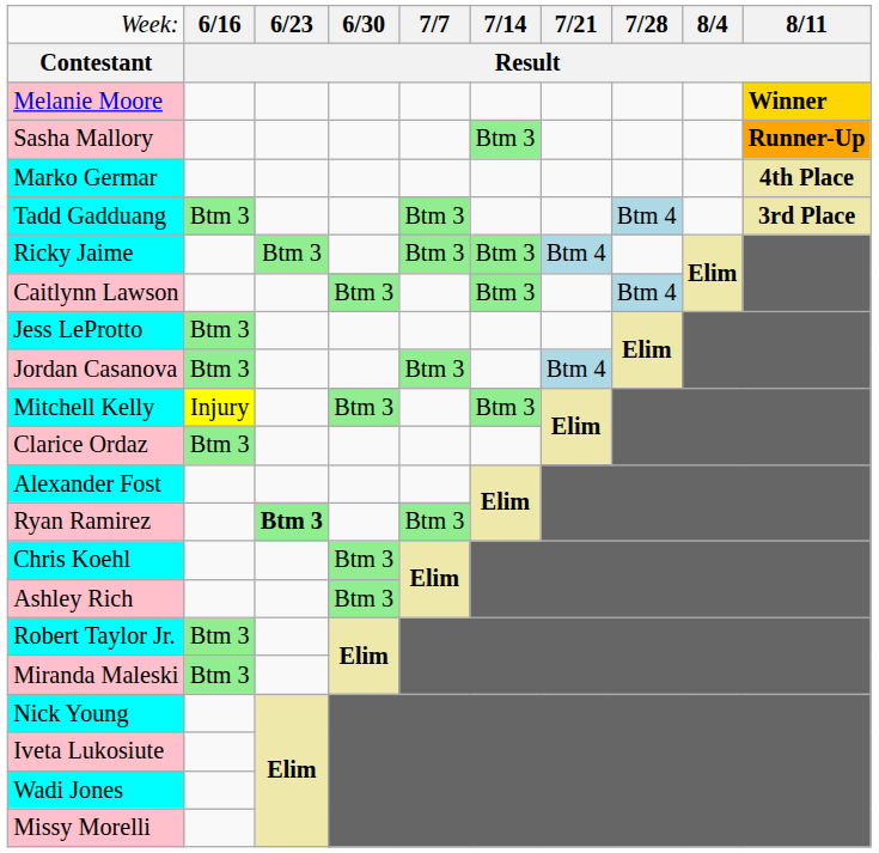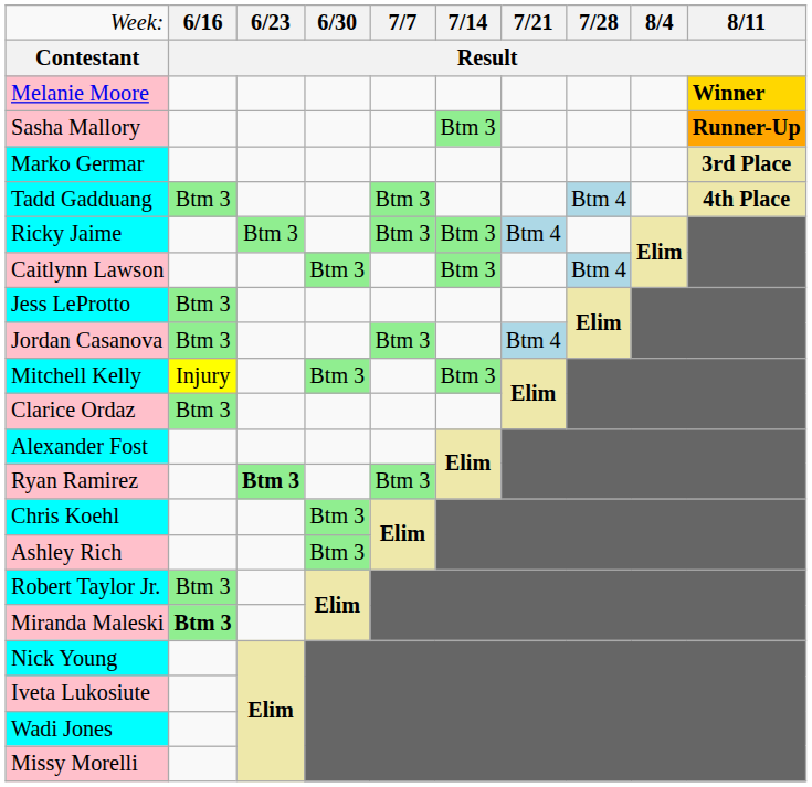 <table class="wikitable" style="margin: auto;">
 <tr>
 <td align="right"><em>Week:</em></td>
 <th>6/16</th>
 <th>6/23</th>
 <th>6/30</th>
 <th>7/7</th>
 <th>7/14</th>
 <th>7/21</th>
 <th>7/28</th>
 <th>8/4</th>
 <th>8/11</th>
 </tr>
 <tr>
 <th>Contestant</th>
 <th colspan="22" style="text-align:center;">Result</th>
 </tr>
 <tr>
 <td style="background:pink;"><a href='#'>Melanie Moore</a></td>
 <td></td>
 <td></td>
 <td></td>
 <td></td>
 <td></td>
 <td></td>
 <td></td>
 <td></td>
 <td style="background:gold;"><strong>Winner</strong></td>
 </tr>
 <tr>
 <td style="background:pink;">Sasha Mallory</td>
 <td></td>
 <td></td>
 <td></td>
 <td></td>
 <td style="background:lightgreen; text-align:center;">Btm 3</td>
 <td></td>
 <td></td>
 <td></td>
 <td style="background:orange;"><strong>Runner-Up</strong></td>
 </tr>
 <tr>
 <td style="background:cyan;">Marko Germar</td>
 <td></td>
 <td></td>
 <td></td>
 <td></td>
 <td></td>
 <td></td>
 <td></td>
 <td></td>
-<td style="background:palegoldenrod; text-align:center;"><strong>4th Place</strong></td>
+<td style="background:palegoldenrod; text-align:center;"><strong>3rd Place</strong></td>
 </tr>
 <tr>
 <td style="background:cyan;">Tadd Gadduang</td>
 <td style="background:lightgreen; text-align:center;">Btm 3</td>
 <td></td>
 <td></td>
 <td style="background:lightgreen; text-align:center;">Btm 3</td>
 <td></td>
 <td></td>
 <td style="background:lightblue; text-align:center;">Btm 4</td>
 <td></td>
-<td style="background:palegoldenrod; text-align:center;"><strong>3rd Place</strong></td>
+<td style="background:palegoldenrod; text-align:center;"><strong>4th Place</strong></td>
 </tr>
 <tr>
 <td style="background:cyan;">Ricky Jaime</td>
 <td></td>
 <td style="background:lightgreen; text-align:center;">Btm 3</td>
 <td></td>
 <td style="background:lightgreen; text-align:center;">Btm 3</td>
 <td style="background:lightgreen; text-align:center;">Btm 3</td>
 <td style="background:lightblue; text-align:center;">Btm 4</td>
 <td></td>
 <td rowspan="2"  style="background:palegoldenrod; text-align:center;"><strong>Elim</strong></td>
 <td rowspan="2" style="background:#666;"></td>
 </tr>
 <tr>
 <td style="background:pink;">Caitlynn Lawson</td>
 <td></td>
 <td></td>
 <td style="background:lightgreen; text-align:center;">Btm 3</td>
 <td></td>
 <td style="background:lightgreen; text-align:center;">Btm 3</td>
 <td></td>
 <td style="background:lightblue; text-align:center;">Btm 4</td>
 </tr>
 <tr>
 <td style="background:cyan;">Jess LeProtto</td>
 <td style="background:lightgreen; text-align:center;">Btm 3</td>
 <td></td>
 <td></td>
 <td></td>
 <td></td>
 <td></td>
 <td rowspan="2"  style="background:palegoldenrod; text-align:center;"><strong>Elim</strong></td>
 <td colspan="2" rowspan="2" style="background:#666;"></td>
 </tr>
 <tr>
 <td style="background:pink;">Jordan Casanova</td>
 <td style="background:lightgreen; text-align:center;">Btm 3</td>
 <td></td>
 <td></td>
 <td style="background:lightgreen; text-align:center;">Btm 3</td>
 <td></td>
 <td style="background:lightblue; text-align:center;">Btm 4</td>
 </tr>
 <tr>
 <td style="background:cyan;">Mitchell Kelly</td>
 <td style="background:yellow; text-align:center;">Injury</td>
 <td></td>
 <td style="background:lightgreen; text-align:center;">Btm 3</td>
 <td></td>
 <td style="background:lightgreen; text-align:center;">Btm 3</td>
 <td rowspan="2"  style="background:palegoldenrod; text-align:center;"><strong>Elim</strong></td>
 <td colspan="3" rowspan="2" style="background:#666;"></td>
 </tr>
 <tr>
 <td style="background:pink;">Clarice Ordaz</td>
 <td style="background:lightgreen; text-align:center;">Btm 3</td>
 <td></td>
 <td></td>
 <td></td>
 <td></td>
 </tr>
 <tr>
 <td style="background:cyan;">Alexander Fost</td>
 <td></td>
 <td></td>
 <td></td>
 <td></td>
 <td rowspan="2"  style="background:palegoldenrod; text-align:center;"><strong>Elim</strong></td>
 <td colspan="4" rowspan="2" style="background:#666;"></td>
 </tr>
 <tr>
 <td style="background:pink;">Ryan Ramirez</td>
 <td></td>
 <td style="background:lightgreen; text-align:center;"><strong>Btm 3</strong></td>
 <td></td>
 <td style="background:lightgreen; text-align:center;">Btm 3</td>
 </tr>
 <tr>
 <td style="background:cyan;">Chris Koehl</td>
 <td></td>
 <td></td>
 <td style="background:lightgreen; text-align:center;">Btm 3</td>
 <td rowspan="2"  style="background:palegoldenrod; text-align:center;"><strong>Elim</strong></td>
 <td colspan="5" rowspan="2" style="background:#666;"></td>
 </tr>
 <tr>
 <td style="background:pink;">Ashley Rich</td>
 <td></td>
 <td></td>
 <td style="background:lightgreen; text-align:center;">Btm 3</td>
 </tr>
 <tr>
 <td style="background:cyan;">Robert Taylor Jr.</td>
 <td style="background:lightgreen; text-align:center;">Btm 3</td>
 <td></td>
 <td rowspan="2"  style="background:palegoldenrod; text-align:center;"><strong>Elim</strong></td>
 <td colspan="6" rowspan="2" style="background:#666;"></td>
 </tr>
 <tr>
 <td style="background:pink;">Miranda Maleski</td>
-<td style="background:lightgreen; text-align:center;">Btm 3</td>
+<td style="background:lightgreen; text-align:center;"><strong>Btm 3</strong></td>
 <td></td>
 </tr>
 <tr>
 <td style="background:cyan;">Nick Young</td>
 <td></td>
 <td rowspan="4"  style="background:palegoldenrod; text-align:center;"><strong>Elim</strong></td>
 <td colspan="7" rowspan="4" style="background:#666;"></td>
 </tr>
 <tr>
 <td style="background:pink;">Iveta Lukosiute</td>
 <td></td>
 </tr>
 <tr>
 <td style="background:cyan;">Wadi Jones</td>
 <td></td>
 </tr>
 <tr>
 <td style="background:pink;">Missy Morelli</td>
 <td></td>
 </tr>
 </table>
